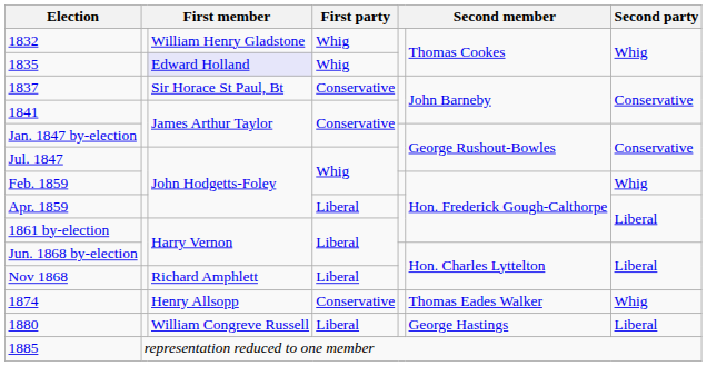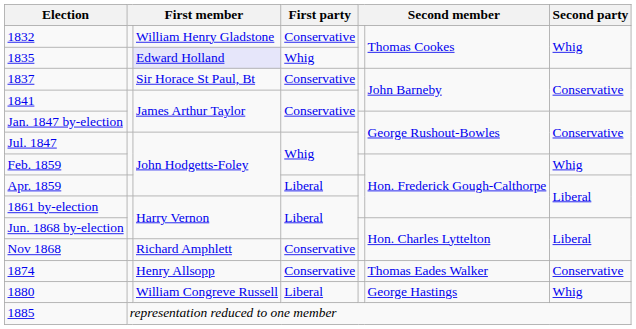 <table class="wikitable">
 <tr>
 <th>Election</th>
 <th colspan="2">First member</th>
 <th>First party</th>
 <th colspan="2">Second member</th>
 <th>Second party</th>
 </tr>
 <tr>
 <td><a href='#'>1832</a></td>
 <td style="color:inherit;background-color: "></td>
 <td><a href='#'>William Henry Gladstone</a></td>
-<td><a href='#'>Whig</a></td>
+<td><a href='#'>Conservative</a></td>
 <td rowspan="2" style="color:inherit;background-color: "></td>
 <td rowspan="2"><a href='#'>Thomas Cookes</a></td>
 <td rowspan="2"><a href='#'>Whig</a></td>
 </tr>
 <tr>
 <td><a href='#'>1835</a></td>
 <td style="color:inherit;background-color: "></td>
 <td style="background: lavender;"><a href='#'>Edward Holland</a></td>
 <td><a href='#'>Whig</a></td>
 </tr>
 <tr>
 <td><a href='#'>1837</a></td>
 <td style="color:inherit;background-color: "></td>
 <td><a href='#'>Sir Horace St Paul, Bt</a></td>
 <td><a href='#'>Conservative</a></td>
 <td rowspan="2" style="color:inherit;background-color: "></td>
 <td rowspan="2"><a href='#'>John Barneby</a></td>
 <td rowspan="2"><a href='#'>Conservative</a></td>
 </tr>
 <tr>
 <td><a href='#'>1841</a></td>
 <td rowspan="2" style="color:inherit;background-color: "></td>
 <td rowspan="2"><a href='#'>James Arthur Taylor</a></td>
 <td rowspan="2"><a href='#'>Conservative</a></td>
 </tr>
 <tr>
 <td><a href='#'>Jan. 1847 by-election</a></td>
 <td rowspan="2" style="color:inherit;background-color: "></td>
 <td rowspan="2"><a href='#'>George Rushout-Bowles</a></td>
 <td rowspan="2"><a href='#'>Conservative</a></td>
 </tr>
 <tr>
 <td><a href='#'>Jul. 1847</a></td>
 <td rowspan="2" style="color:inherit;background-color: "></td>
 <td rowspan="3"><a href='#'>John Hodgetts-Foley</a></td>
 <td rowspan="2"><a href='#'>Whig</a></td>
 </tr>
 <tr>
 <td><a href='#'>Feb. 1859</a></td>
 <td style="color:inherit;background-color: "></td>
 <td rowspan="3"><a href='#'>Hon. Frederick Gough-Calthorpe</a></td>
 <td><a href='#'>Whig</a></td>
 </tr>
 <tr>
 <td><a href='#'>Apr. 1859</a></td>
 <td style="color:inherit;background-color: "></td>
 <td><a href='#'>Liberal</a></td>
 <td rowspan="2" style="color:inherit;background-color: "></td>
 <td rowspan="2"><a href='#'>Liberal</a></td>
 </tr>
 <tr>
 <td><a href='#'>1861 by-election</a></td>
 <td rowspan="2" style="color:inherit;background-color: "></td>
 <td rowspan="2"><a href='#'>Harry Vernon</a></td>
 <td rowspan="2"><a href='#'>Liberal</a></td>
 </tr>
 <tr>
 <td><a href='#'>Jun. 1868 by-election</a></td>
 <td rowspan="2" style="color:inherit;background-color: "></td>
 <td rowspan="2"><a href='#'>Hon. Charles Lyttelton</a></td>
 <td rowspan="2"><a href='#'>Liberal</a></td>
 </tr>
 <tr>
 <td><a href='#'>Nov 1868</a></td>
 <td style="color:inherit;background-color: "></td>
 <td><a href='#'>Richard Amphlett</a></td>
-<td><a href='#'>Liberal</a></td>
+<td><a href='#'>Conservative</a></td>
 </tr>
 <tr>
 <td><a href='#'>1874</a></td>
 <td style="color:inherit;background-color: "></td>
 <td><a href='#'>Henry Allsopp</a></td>
 <td><a href='#'>Conservative</a></td>
 <td style="color:inherit;background-color: "></td>
 <td><a href='#'>Thomas Eades Walker</a></td>
-<td><a href='#'>Whig</a></td>
+<td><a href='#'>Conservative</a></td>
 </tr>
 <tr>
 <td><a href='#'>1880</a></td>
 <td style="color:inherit;background-color: "></td>
 <td><a href='#'>William Congreve Russell</a></td>
 <td><a href='#'>Liberal</a></td>
 <td style="color:inherit;background-color: "></td>
 <td><a href='#'>George Hastings</a></td>
-<td><a href='#'>Liberal</a></td>
+<td><a href='#'>Whig</a></td>
 </tr>
 <tr>
 <td><a href='#'>1885</a></td>
 <td colspan="6"><em>representation reduced to one member</em></td>
 </tr>
 </table>
